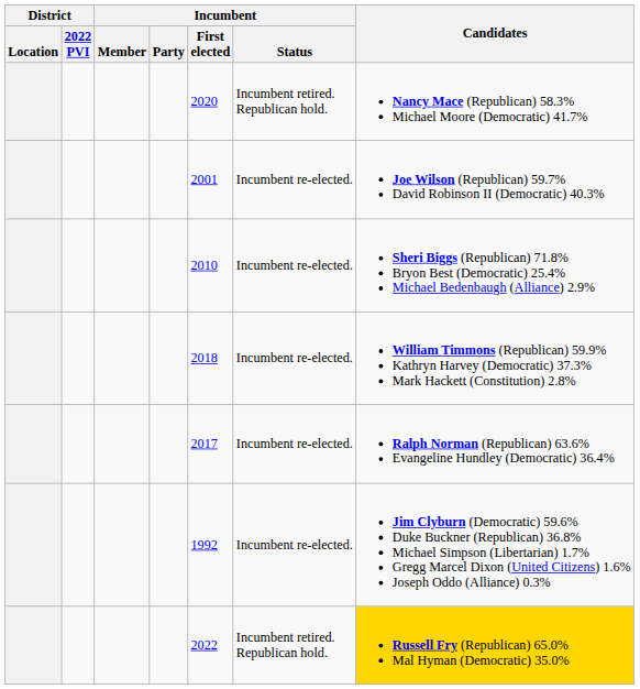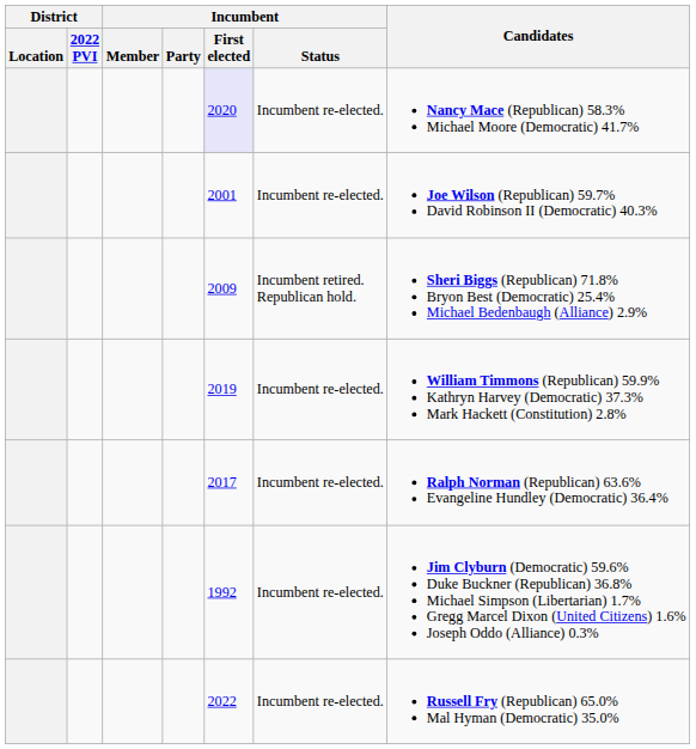 <table class="wikitable sortable">
 <tr>
 <th colspan=2>District</th>
 <th colspan=4>Incumbent</th>
 <th rowspan=2 class="unsortable">Candidates</th>
 </tr>
 <tr valign=bottom>
 <th>Location</th>
 <th><a href='#'>2022<br>PVI</a></th>
 <th>Member</th>
 <th>Party</th>
 <th>First<br>elected</th>
 <th>Status</th>
 </tr>
 <tr>
 <th></th>
 <td></td>
 <td></td>
 <td></td>
-<td><a href='#'>2020</a></td>
-<td>Incumbent retired.<br>Republican hold.</td>
+<td style="background: lavender;"><a href='#'>2020</a></td>
+<td>Incumbent re-elected.</td>
 <td nowrap><br><ul><li> <strong><a href='#'>Nancy Mace</a></strong> (Republican) 58.3%</li><li>Michael Moore (Democratic) 41.7%</li></ul></td>
 </tr>
 <tr>
 <th></th>
 <td></td>
 <td></td>
 <td></td>
 <td><a href='#'>2001 </a></td>
 <td>Incumbent re-elected.</td>
 <td nowrap><br><ul><li> <strong><a href='#'>Joe Wilson</a></strong> (Republican) 59.7%</li><li>David Robinson II (Democratic) 40.3%</li></ul></td>
 </tr>
 <tr>
 <th></th>
 <td></td>
 <td></td>
 <td></td>
-<td><a href='#'>2010</a></td>
-<td>Incumbent re-elected.</td>
+<td><a href='#'>2009</a></td>
+<td>Incumbent retired.<br>Republican hold.</td>
 <td nowrap><br><ul><li> <strong><a href='#'>Sheri Biggs</a></strong> (Republican) 71.8%</li><li>Bryon Best (Democratic) 25.4%</li><li><a href='#'>Michael Bedenbaugh</a> (<a href='#'>Alliance</a>) 2.9%</li></ul></td>
 </tr>
 <tr>
 <th></th>
 <td></td>
 <td></td>
 <td></td>
-<td><a href='#'>2018</a></td>
+<td><a href='#'>2019</a></td>
 <td>Incumbent re-elected.</td>
 <td nowrap><br><ul><li> <strong><a href='#'>William Timmons</a></strong> (Republican) 59.9%</li><li>Kathryn Harvey (Democratic) 37.3%</li><li>Mark Hackett (Constitution) 2.8%</li></ul></td>
 </tr>
 <tr>
 <th></th>
 <td></td>
 <td></td>
 <td></td>
 <td><a href='#'>2017 </a></td>
 <td>Incumbent re-elected.</td>
 <td nowrap><br><ul><li> <strong><a href='#'>Ralph Norman</a></strong> (Republican) 63.6%</li><li>Evangeline Hundley (Democratic) 36.4%</li></ul></td>
 </tr>
 <tr>
 <th></th>
 <td></td>
 <td></td>
 <td></td>
 <td><a href='#'>1992</a></td>
 <td>Incumbent re-elected.</td>
 <td nowrap><br><ul><li> <strong><a href='#'>Jim Clyburn</a></strong> (Democratic) 59.6%</li><li>Duke Buckner (Republican) 36.8%</li><li>Michael Simpson (Libertarian) 1.7%</li><li>Gregg Marcel Dixon (<a href='#'>United Citizens</a>) 1.6%</li><li>Joseph Oddo (Alliance) 0.3%</li></ul></td>
 </tr>
 <tr>
 <th></th>
 <td></td>
 <td></td>
 <td></td>
 <td><a href='#'>2022</a></td>
-<td>Incumbent retired.<br>Republican hold.</td>
-<td nowrap style="background: gold;"><br><ul><li> <strong><a href='#'>Russell Fry</a></strong> (Republican) 65.0%</li><li>Mal Hyman (Democratic) 35.0%</li></ul></td>
+<td>Incumbent re-elected.</td>
+<td nowrap><br><ul><li> <strong><a href='#'>Russell Fry</a></strong> (Republican) 65.0%</li><li>Mal Hyman (Democratic) 35.0%</li></ul></td>
 </tr>
 </table>
